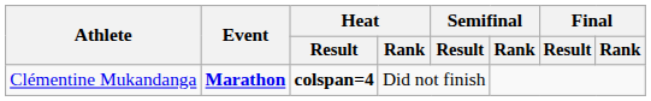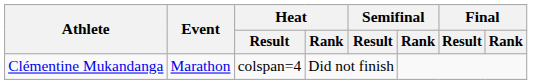 <table class="wikitable" style="font-size:90%">
 <tr>
 <th rowspan="2">Athlete</th>
 <th rowspan="2">Event</th>
 <th colspan="2">Heat</th>
 <th colspan="2">Semifinal</th>
 <th colspan="2">Final</th>
 </tr>
 <tr style="font-size:95%">
 <th>Result</th>
 <th>Rank</th>
 <th>Result</th>
 <th>Rank</th>
 <th>Result</th>
 <th>Rank</th>
 </tr>
 <tr style=text-align:center>
 <td style=text-align:left><a href='#'>Clémentine Mukandanga</a></td>
-<td style=text-align:left><strong><a href='#'>Marathon</a></strong></td>
-<td><strong>colspan=4 </strong></td>
+<td style=text-align:left><a href='#'>Marathon</a></td>
+<td>colspan=4 </td>
 <td colspan=2>Did not finish</td>
 </tr>
 </table>
